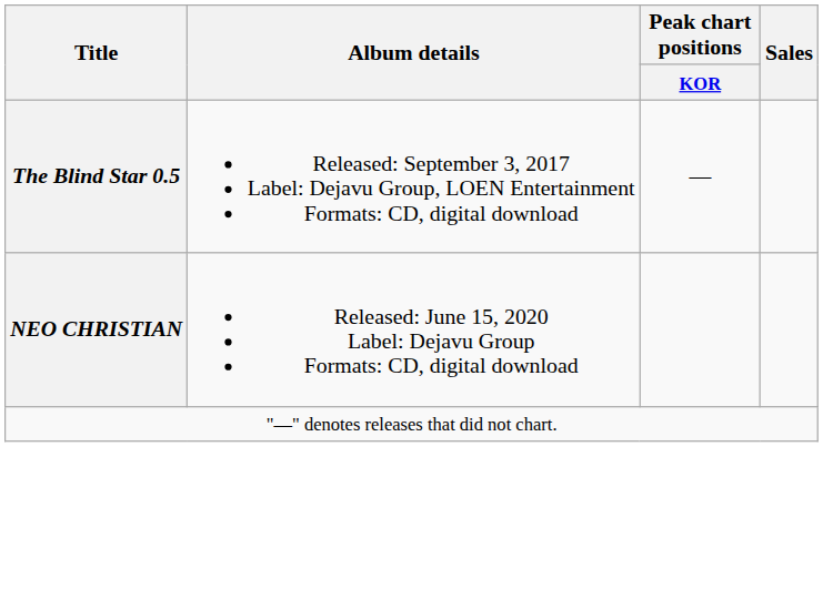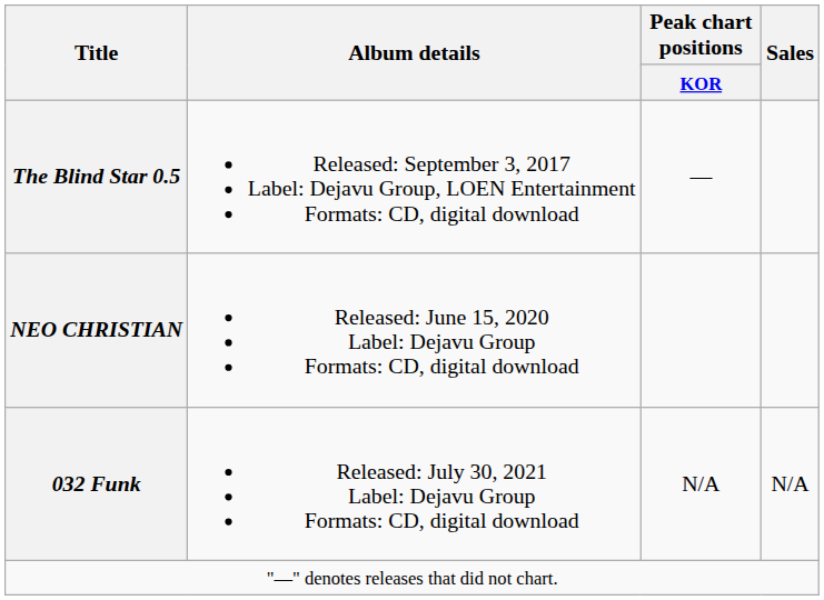 <table class="wikitable plainrowheaders" style="text-align:center;">
 <tr>
 <th scope="col" rowspan="2">Title</th>
 <th scope="col" rowspan="2">Album details</th>
 <th scope="col" colspan="1" style="width:5em;">Peak chart positions</th>
 <th scope="col" rowspan="2">Sales</th>
 </tr>
 <tr>
 <th><small><a href='#'>KOR</a></small><br></th>
 </tr>
 <tr>
 <th scope="row"><em>The Blind Star 0.5</em></th>
 <td><br><ul><li>Released: September 3, 2017</li><li>Label: Dejavu Group, LOEN Entertainment</li><li>Formats: CD, digital download</li></ul></td>
 <td>—</td>
 <td></td>
 </tr>
 <tr>
 <th scope="row"><em>NEO CHRISTIAN</em><br> </th>
 <td><br><ul><li>Released: June 15, 2020</li><li>Label: Dejavu Group</li><li>Formats: CD, digital download</li></ul></td>
 <td></td>
 <td></td>
 </tr>
 <tr>
+<th scope="row"><em>032 Funk</em></th>
+<td><br><ul><li>Released: July 30, 2021</li><li>Label: Dejavu Group</li><li>Formats: CD, digital download</li></ul></td>
+<td>N/A</td>
+<td>N/A</td>
+</tr>
+<tr>
 <td colspan="4" align="center"><small>"—" denotes releases that did not chart.</small></td>
 </tr>
 </table>
